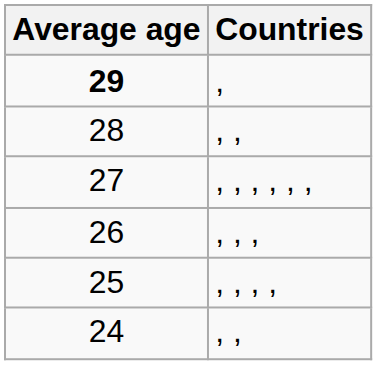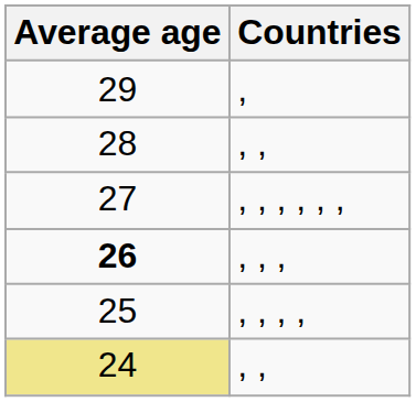 <table class="wikitable sortable">
 <tr>
 <th>Average age</th>
 <th>Countries</th>
 </tr>
 <tr>
-<td align="center"><strong>29</strong></td>
+<td align="center">29</td>
 <td>, </td>
 </tr>
 <tr>
 <td align="center">28</td>
 <td>, , </td>
 </tr>
 <tr>
 <td align="center">27</td>
 <td>, , , , , , </td>
 </tr>
 <tr>
-<td align="center">26</td>
+<td align="center"><strong>26</strong></td>
 <td>, , , </td>
 </tr>
 <tr>
 <td align="center">25</td>
 <td>, , , , </td>
 </tr>
 <tr>
-<td align="center">24</td>
+<td align="center" style="background: khaki;">24</td>
 <td>, , </td>
 </tr>
 </table>
